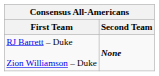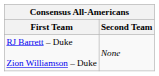 <table class="wikitable" style="font-size: 95%">
 <tr>
 <th Colspan=2>Consensus All-Americans</th>
 </tr>
 <tr>
 <th>First Team</th>
 <th>Second Team</th>
 </tr>
 <tr>
 <td><a href='#'>RJ Barrett</a> – Duke<br><br><a href='#'>Zion Williamson</a> – Duke</td>
-<td><strong><em>None</em></strong></td>
+<td><em>None</em></td>
 </tr>
 </table>
